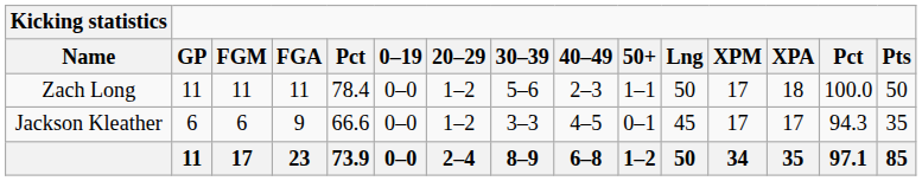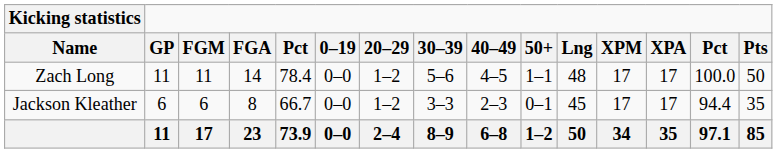 <table class="wikitable sortable" style="text-align:center;">
 <tr>
 <th style="text-align:center; ">Kicking statistics</th>
 </tr>
 <tr>
 <th>Name</th>
 <th>GP</th>
 <th>FGM</th>
 <th>FGA</th>
 <th>Pct</th>
 <th>0–19</th>
 <th>20–29</th>
 <th>30–39</th>
 <th>40–49</th>
 <th>50+</th>
 <th>Lng</th>
 <th>XPM</th>
 <th>XPA</th>
 <th>Pct</th>
 <th>Pts</th>
 </tr>
 <tr>
 <td>Zach Long</td>
 <td>11</td>
 <td>11</td>
-<td>11</td>
+<td>14</td>
 <td>78.4</td>
 <td>0–0</td>
 <td>1–2</td>
 <td>5–6</td>
-<td>2–3</td>
+<td>4–5</td>
 <td>1–1</td>
-<td>50</td>
+<td>48</td>
 <td>17</td>
-<td>18</td>
+<td>17</td>
 <td>100.0</td>
 <td>50</td>
 </tr>
 <tr>
 <td>Jackson Kleather</td>
 <td>6</td>
 <td>6</td>
-<td>9</td>
-<td>66.6</td>
+<td>8</td>
+<td>66.7</td>
 <td>0–0</td>
 <td>1–2</td>
 <td>3–3</td>
-<td>4–5</td>
+<td>2–3</td>
 <td>0–1</td>
 <td>45</td>
 <td>17</td>
 <td>17</td>
-<td>94.3</td>
+<td>94.4</td>
 <td>35</td>
 </tr>
 <tr>
 <th colspan="1"></th>
 <th>11</th>
 <th>17</th>
 <th>23</th>
 <th>73.9</th>
 <th>0–0</th>
 <th>2–4</th>
 <th>8–9</th>
 <th>6–8</th>
 <th>1–2</th>
 <th>50</th>
 <th>34</th>
 <th>35</th>
 <th>97.1</th>
 <th>85</th>
 </tr>
 </table>
